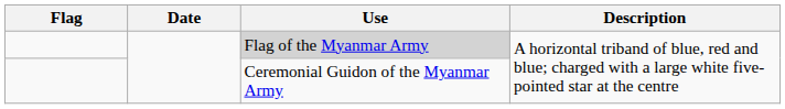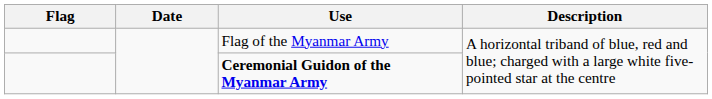 <table class="wikitable">
 <tr>
 <th width="110">Flag</th>
 <th width="100">Date</th>
 <th width="250">Use</th>
 <th width="250">Description</th>
 </tr>
 <tr>
 <td></td>
 <td rowspan="2"></td>
-<td style="background: lightgrey;">Flag of the <a href='#'>Myanmar Army</a></td>
+<td>Flag of the <a href='#'>Myanmar Army</a></td>
 <td rowspan="2">A horizontal triband of blue, red and blue; charged with a large white five-pointed star at the centre</td>
 </tr>
 <tr>
 <td></td>
-<td>Ceremonial Guidon of the <a href='#'>Myanmar Army</a></td>
+<td><strong>Ceremonial Guidon of the <a href='#'>Myanmar Army</a></strong></td>
 </tr>
 </table>
